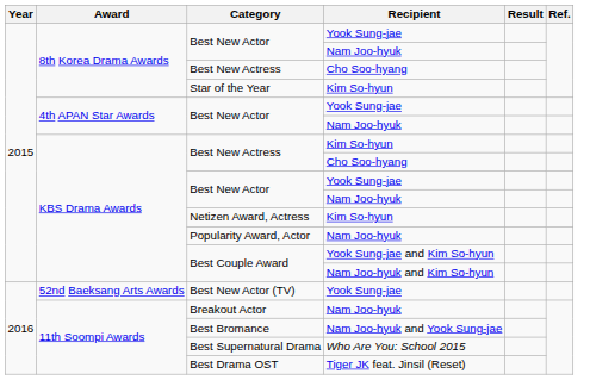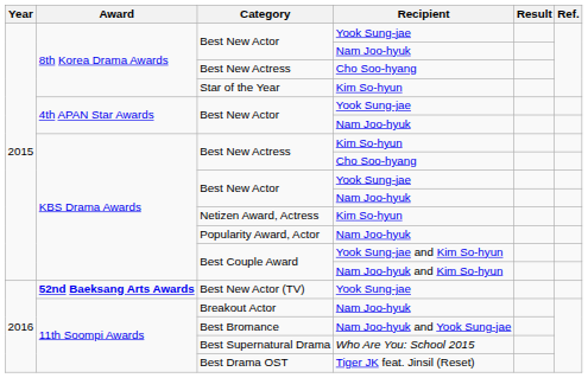 <table class="wikitable sortable">
 <tr>
 <th>Year</th>
 <th>Award</th>
 <th>Category</th>
 <th>Recipient</th>
 <th>Result</th>
 <th>Ref.</th>
 </tr>
 <tr>
 <td rowspan="14">2015</td>
 <td rowspan="4"><a href='#'>8th</a> <a href='#'>Korea Drama Awards</a></td>
 <td rowspan="2">Best New Actor</td>
 <td><a href='#'>Yook Sung-jae</a></td>
 <td></td>
 <td rowspan="4"></td>
 </tr>
 <tr>
 <td><a href='#'>Nam Joo-hyuk</a></td>
 <td></td>
 </tr>
 <tr>
 <td>Best New Actress</td>
 <td><a href='#'>Cho Soo-hyang</a></td>
 <td></td>
 </tr>
 <tr>
 <td>Star of the Year</td>
 <td><a href='#'>Kim So-hyun</a></td>
 <td></td>
 </tr>
 <tr>
 <td rowspan="2"><a href='#'>4th</a> <a href='#'>APAN Star Awards</a></td>
 <td rowspan="2">Best New Actor</td>
 <td><a href='#'>Yook Sung-jae</a></td>
 <td></td>
 <td></td>
 </tr>
 <tr>
 <td><a href='#'>Nam Joo-hyuk</a></td>
 <td></td>
 <td></td>
 </tr>
 <tr>
 <td rowspan="8"><a href='#'>KBS Drama Awards</a></td>
 <td rowspan="2">Best New Actress</td>
 <td><a href='#'>Kim So-hyun</a></td>
 <td></td>
 <td></td>
 </tr>
 <tr>
 <td><a href='#'>Cho Soo-hyang</a></td>
 <td></td>
 <td></td>
 </tr>
 <tr>
 <td rowspan="2">Best New Actor</td>
 <td><a href='#'>Yook Sung-jae</a></td>
 <td></td>
 <td></td>
 </tr>
 <tr>
 <td><a href='#'>Nam Joo-hyuk</a></td>
 <td></td>
 <td></td>
 </tr>
 <tr>
 <td>Netizen Award, Actress</td>
 <td><a href='#'>Kim So-hyun</a></td>
 <td></td>
 <td></td>
 </tr>
 <tr>
 <td>Popularity Award, Actor</td>
 <td><a href='#'>Nam Joo-hyuk</a></td>
 <td></td>
 <td></td>
 </tr>
 <tr>
 <td rowspan="2">Best Couple Award</td>
 <td><a href='#'>Yook Sung-jae</a> and <a href='#'>Kim So-hyun</a></td>
 <td></td>
 <td></td>
 </tr>
 <tr>
 <td><a href='#'>Nam Joo-hyuk</a> and <a href='#'>Kim So-hyun</a></td>
 <td></td>
 <td></td>
 </tr>
 <tr>
 <td rowspan="5">2016</td>
-<td><a href='#'>52nd</a> <a href='#'>Baeksang Arts Awards</a></td>
+<td><strong><a href='#'>52nd</a> <a href='#'>Baeksang Arts Awards</a></strong></td>
 <td>Best New Actor (TV)</td>
 <td><a href='#'>Yook Sung-jae</a></td>
 <td></td>
 <td></td>
 </tr>
 <tr>
 <td rowspan="4"><a href='#'>11th Soompi Awards</a></td>
 <td>Breakout Actor</td>
 <td><a href='#'>Nam Joo-hyuk</a></td>
 <td></td>
 <td rowspan="4"></td>
 </tr>
 <tr>
 <td>Best Bromance</td>
 <td><a href='#'>Nam Joo-hyuk</a> and <a href='#'>Yook Sung-jae</a></td>
 <td></td>
 </tr>
 <tr>
 <td>Best Supernatural Drama</td>
 <td><em>Who Are You: School 2015</em></td>
 <td></td>
 </tr>
 <tr>
 <td>Best Drama OST</td>
 <td><a href='#'>Tiger JK</a> feat. Jinsil (Reset)</td>
 <td></td>
 </tr>
 </table>
